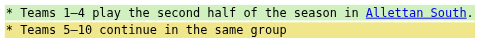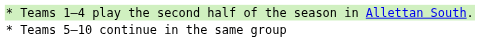 <table>
 <tr style="background: #D0F0C0;">
 <td>* Teams 1–4 play the second half of the season in <a href='#'>Allettan South</a>.</td>
 </tr>
 <tr>
-<td style="background: khaki;">* Teams 5–10 continue in the same group</td>
+<td>* Teams 5–10 continue in the same group</td>
 </tr>
 </table>
